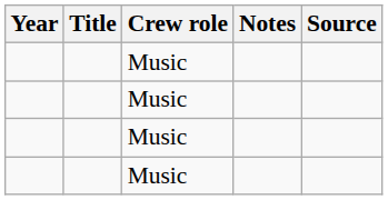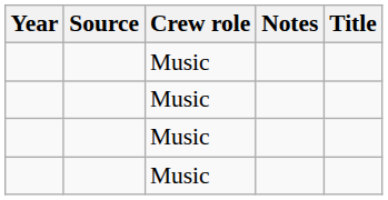 <table class="wikitable sortable plainrowheaders">
 <tr>
 <th>Year</th>
-<th>Title</th>
+<th class="unsortable">Source</th>
 <th>Crew role</th>
 <th class="unsortable">Notes</th>
-<th class="unsortable">Source</th>
+<th>Title</th>
 </tr>
 <tr>
 <td></td>
 <td></td>
 <td>Music</td>
 <td></td>
 <td></td>
 </tr>
 <tr>
 <td></td>
 <td></td>
 <td>Music</td>
 <td></td>
 <td></td>
 </tr>
 <tr>
 <td></td>
 <td></td>
 <td>Music</td>
 <td></td>
 <td></td>
 </tr>
 <tr>
 <td></td>
 <td></td>
 <td>Music</td>
 <td></td>
 <td></td>
 </tr>
 </table>
